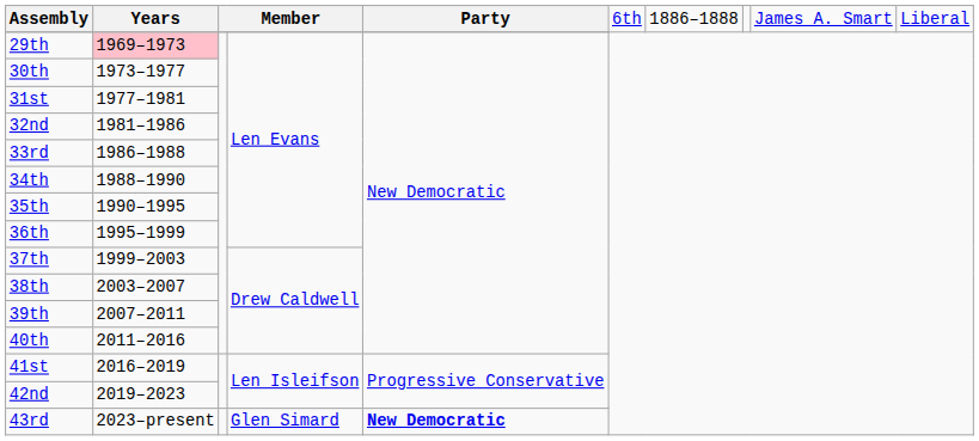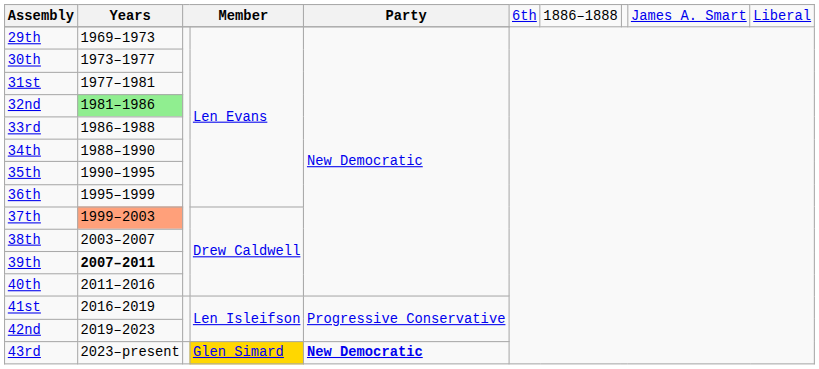 <table class="wikitable">
 <tr>
 <th>Assembly</th>
 <th>Years</th>
 <th colspan="2">Member</th>
 <th>Party<br></th>
 <td><a href='#'>6th</a></td>
 <td>1886–1888</td>
 <td></td>
 <td><a href='#'>James A. Smart</a></td>
 <td><a href='#'>Liberal</a></td>
 </tr>
 <tr>
 </tr>
 <tr>
 <td><a href='#'>29th</a></td>
-<td style="background: pink;">1969–1973</td>
+<td>1969–1973</td>
 <td rowspan=12 ></td>
 <td rowspan=8><a href='#'>Len Evans</a></td>
 <td rowspan=12><a href='#'>New Democratic</a></td>
 </tr>
 <tr>
 <td><a href='#'>30th</a></td>
 <td>1973–1977</td>
 </tr>
 <tr>
 <td><a href='#'>31st</a></td>
 <td>1977–1981</td>
 </tr>
 <tr>
 <td><a href='#'>32nd</a></td>
-<td>1981–1986</td>
+<td style="background: lightgreen;">1981–1986</td>
 </tr>
 <tr>
 <td><a href='#'>33rd</a></td>
 <td>1986–1988</td>
 </tr>
 <tr>
 <td><a href='#'>34th</a></td>
 <td>1988–1990</td>
 </tr>
 <tr>
 <td><a href='#'>35th</a></td>
 <td>1990–1995</td>
 </tr>
 <tr>
 <td><a href='#'>36th</a></td>
 <td>1995–1999</td>
 </tr>
 <tr>
 <td><a href='#'>37th</a></td>
-<td>1999–2003</td>
+<td style="background: lightsalmon;">1999–2003</td>
 <td rowspan=4><a href='#'>Drew Caldwell</a></td>
 </tr>
 <tr>
 <td><a href='#'>38th</a></td>
 <td>2003–2007</td>
 </tr>
 <tr>
 <td><a href='#'>39th</a></td>
-<td>2007–2011</td>
+<td><strong>2007–2011</strong></td>
 </tr>
 <tr>
 <td><a href='#'>40th</a></td>
 <td>2011–2016</td>
 </tr>
 <tr>
 <td><a href='#'>41st</a></td>
 <td>2016–2019</td>
 <td rowspan=2 ></td>
 <td rowspan=2><a href='#'>Len Isleifson</a></td>
 <td rowspan=2><a href='#'>Progressive Conservative</a></td>
 </tr>
 <tr>
 <td><a href='#'>42nd</a></td>
 <td>2019–2023</td>
 </tr>
 <tr>
 <td><a href='#'>43rd</a></td>
 <td>2023–present</td>
 <td rowspan=1 ></td>
-<td rowspan=1><a href='#'>Glen Simard</a></td>
+<td rowspan=1 style="background: gold;"><a href='#'>Glen Simard</a></td>
 <td rowspan=1><strong><a href='#'>New Democratic</a></strong></td>
 </tr>
 </table>
